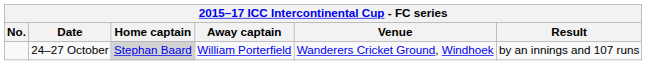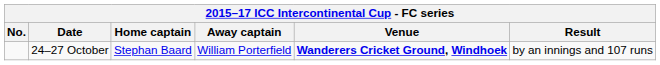 <table class="wikitable">
 <tr>
 <th colspan="9"><a href='#'>2015–17 ICC Intercontinental Cup</a> - FC series</th>
 </tr>
 <tr>
 <th>No.</th>
 <th>Date</th>
 <th>Home captain</th>
 <th>Away captain</th>
 <th>Venue</th>
 <th>Result</th>
 </tr>
 <tr>
 <td></td>
 <td>24–27 October</td>
-<td style="background: lightgrey;"><a href='#'>Stephan Baard</a></td>
+<td><a href='#'>Stephan Baard</a></td>
 <td><a href='#'>William Porterfield</a></td>
-<td><a href='#'>Wanderers Cricket Ground</a>, <a href='#'>Windhoek</a></td>
+<td><strong><a href='#'>Wanderers Cricket Ground</a>, <a href='#'>Windhoek</a></strong></td>
 <td> by an innings and 107 runs</td>
 </tr>
 </table>
